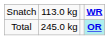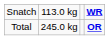 <table class = "wikitable" style="text-align:center;">
 <tr>
 <td>Snatch</td>
 <td>113.0 kg</td>
 <td align=left></td>
 <td><strong><a href='#'>WR</a></strong></td>
 </tr>
 <tr>
 <td>Total</td>
 <td>245.0 kg</td>
 <td align=left></td>
-<td style="background: paleturquoise;"><strong><a href='#'>OR</a></strong></td>
+<td><strong><a href='#'>OR</a></strong></td>
 </tr>
 </table>
